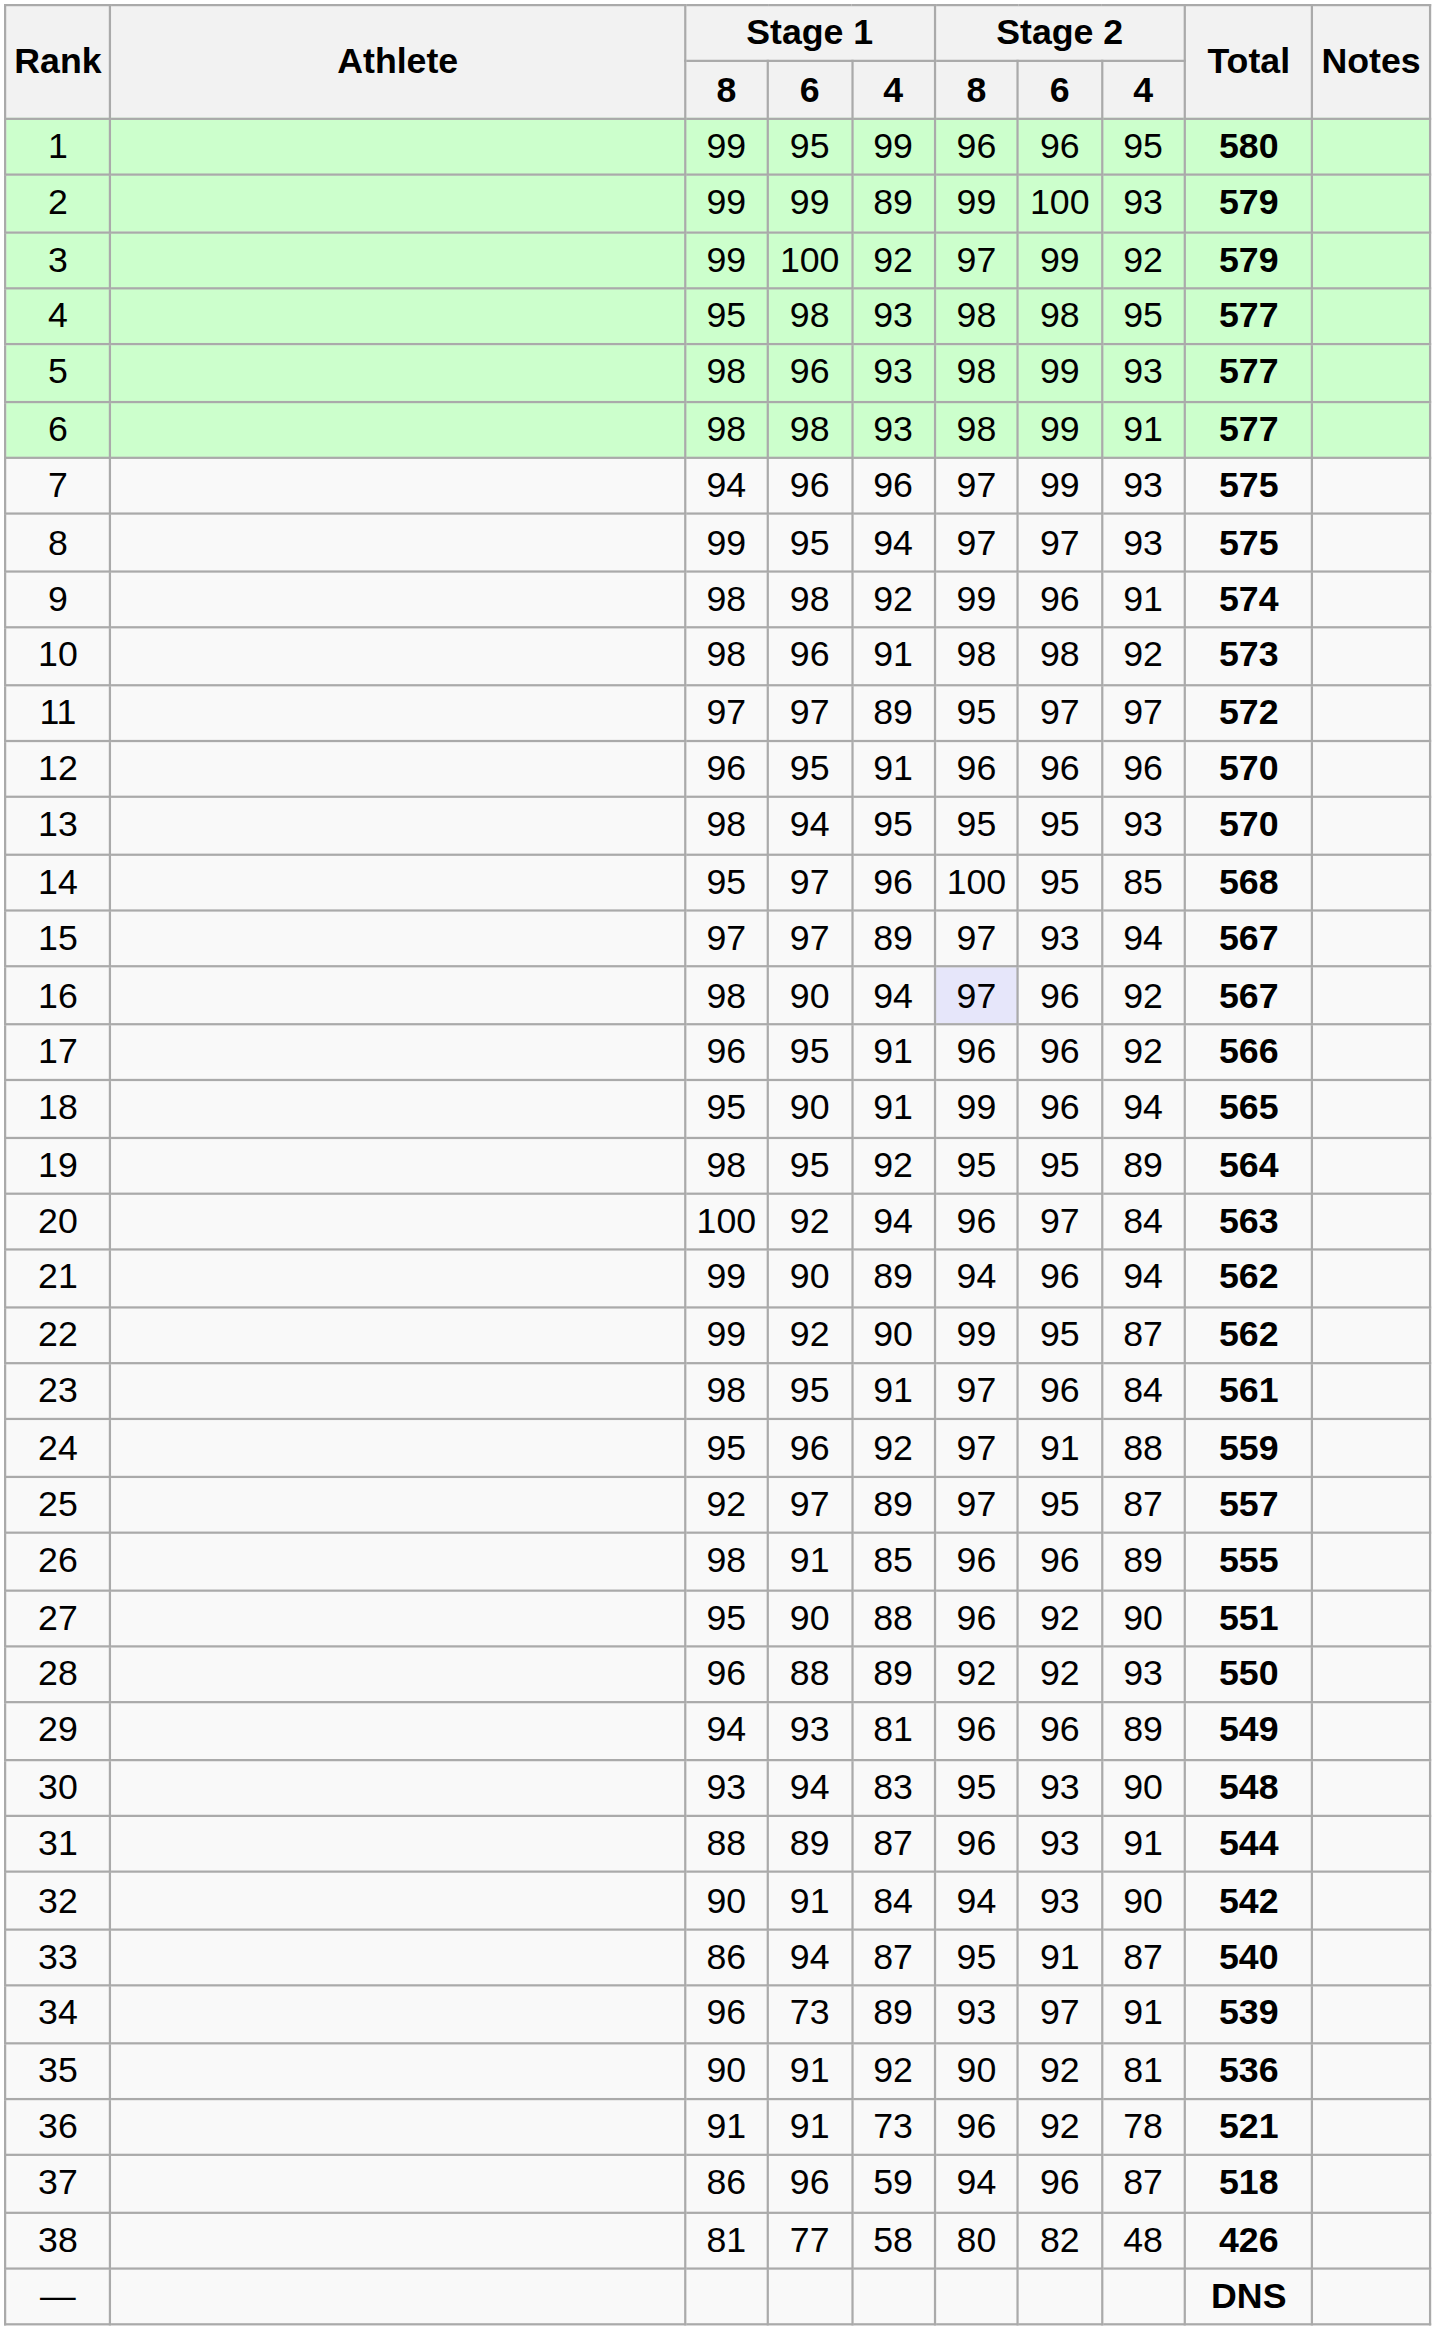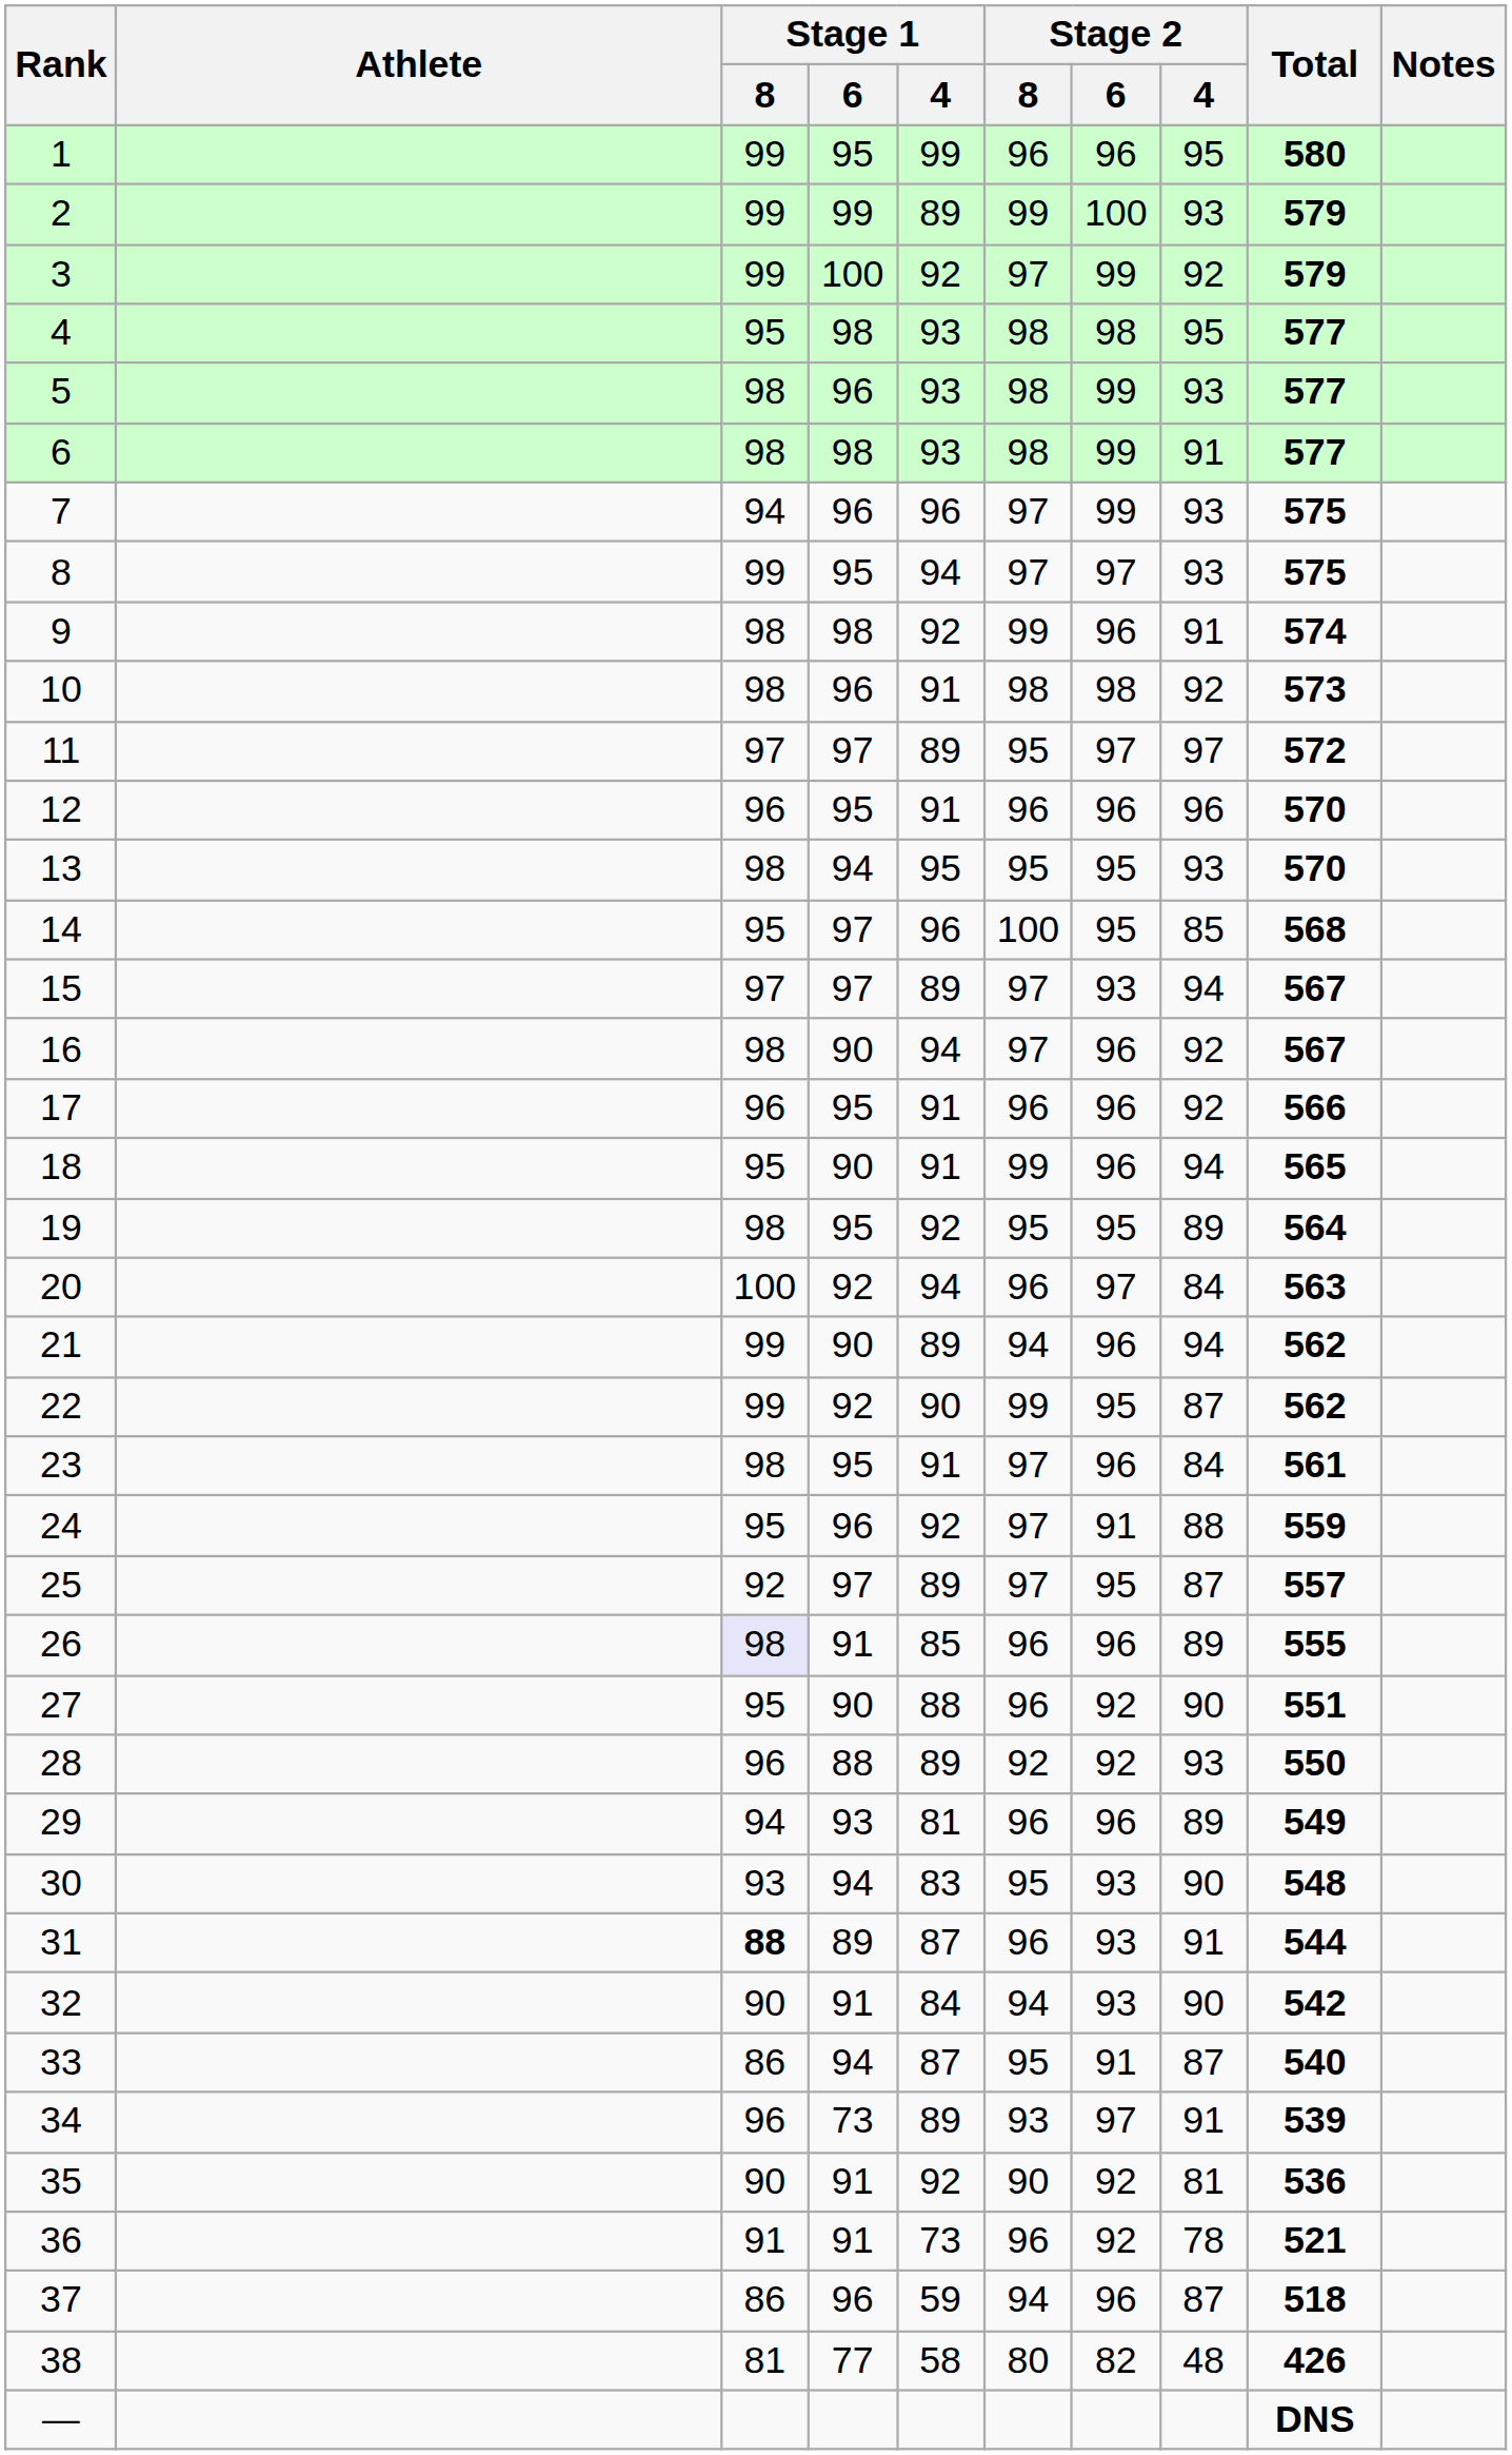 <table class="wikitable" style="text-align:center">
 <tr>
 <th rowspan=2 width=40>Rank</th>
 <th rowspan=2 width=250>Athlete</th>
 <th colspan=3>Stage 1</th>
 <th colspan=3>Stage 2</th>
 <th rowspan=2 width=50>Total</th>
 <th rowspan=2 width=45>Notes</th>
 </tr>
 <tr>
 <th width=30>8</th>
 <th width=30>6</th>
 <th width=30>4</th>
 <th width=30>8</th>
 <th width=30>6</th>
 <th width=30>4</th>
 </tr>
 <tr bgcolor=ccffcc>
 <td>1</td>
 <td align=left></td>
 <td>99</td>
 <td>95</td>
 <td>99</td>
 <td>96</td>
 <td>96</td>
 <td>95</td>
 <td><strong>580</strong></td>
 <td></td>
 </tr>
 <tr bgcolor=ccffcc>
 <td>2</td>
 <td align=left></td>
 <td>99</td>
 <td>99</td>
 <td>89</td>
 <td>99</td>
 <td>100</td>
 <td>93</td>
 <td><strong>579</strong></td>
 <td></td>
 </tr>
 <tr bgcolor=ccffcc>
 <td>3</td>
 <td align=left></td>
 <td>99</td>
 <td>100</td>
 <td>92</td>
 <td>97</td>
 <td>99</td>
 <td>92</td>
 <td><strong>579</strong></td>
 <td></td>
 </tr>
 <tr bgcolor=ccffcc>
 <td>4</td>
 <td align=left></td>
 <td>95</td>
 <td>98</td>
 <td>93</td>
 <td>98</td>
 <td>98</td>
 <td>95</td>
 <td><strong>577</strong></td>
 <td></td>
 </tr>
 <tr bgcolor=ccffcc>
 <td>5</td>
 <td align=left></td>
 <td>98</td>
 <td>96</td>
 <td>93</td>
 <td>98</td>
 <td>99</td>
 <td>93</td>
 <td><strong>577</strong></td>
 <td></td>
 </tr>
 <tr bgcolor=ccffcc>
 <td>6</td>
 <td align=left></td>
 <td>98</td>
 <td>98</td>
 <td>93</td>
 <td>98</td>
 <td>99</td>
 <td>91</td>
 <td><strong>577</strong></td>
 <td></td>
 </tr>
 <tr>
 <td>7</td>
 <td align=left></td>
 <td>94</td>
 <td>96</td>
 <td>96</td>
 <td>97</td>
 <td>99</td>
 <td>93</td>
 <td><strong>575</strong></td>
 <td></td>
 </tr>
 <tr>
 <td>8</td>
 <td align=left></td>
 <td>99</td>
 <td>95</td>
 <td>94</td>
 <td>97</td>
 <td>97</td>
 <td>93</td>
 <td><strong>575</strong></td>
 <td></td>
 </tr>
 <tr>
 <td>9</td>
 <td align=left></td>
 <td>98</td>
 <td>98</td>
 <td>92</td>
 <td>99</td>
 <td>96</td>
 <td>91</td>
 <td><strong>574</strong></td>
 <td></td>
 </tr>
 <tr>
 <td>10</td>
 <td align=left></td>
 <td>98</td>
 <td>96</td>
 <td>91</td>
 <td>98</td>
 <td>98</td>
 <td>92</td>
 <td><strong>573</strong></td>
 <td></td>
 </tr>
 <tr>
 <td>11</td>
 <td align=left></td>
 <td>97</td>
 <td>97</td>
 <td>89</td>
 <td>95</td>
 <td>97</td>
 <td>97</td>
 <td><strong>572</strong></td>
 <td></td>
 </tr>
 <tr>
 <td>12</td>
 <td align=left></td>
 <td>96</td>
 <td>95</td>
 <td>91</td>
 <td>96</td>
 <td>96</td>
 <td>96</td>
 <td><strong>570</strong></td>
 <td></td>
 </tr>
 <tr>
 <td>13</td>
 <td align=left></td>
 <td>98</td>
 <td>94</td>
 <td>95</td>
 <td>95</td>
 <td>95</td>
 <td>93</td>
 <td><strong>570</strong></td>
 <td></td>
 </tr>
 <tr>
 <td>14</td>
 <td align=left></td>
 <td>95</td>
 <td>97</td>
 <td>96</td>
 <td>100</td>
 <td>95</td>
 <td>85</td>
 <td><strong>568</strong></td>
 <td></td>
 </tr>
 <tr>
 <td>15</td>
 <td align=left></td>
 <td>97</td>
 <td>97</td>
 <td>89</td>
 <td>97</td>
 <td>93</td>
 <td>94</td>
 <td><strong>567</strong></td>
 <td></td>
 </tr>
 <tr>
 <td>16</td>
 <td align=left></td>
 <td>98</td>
 <td>90</td>
 <td>94</td>
-<td style="background: lavender;">97</td>
+<td>97</td>
 <td>96</td>
 <td>92</td>
 <td><strong>567</strong></td>
 <td></td>
 </tr>
 <tr>
 <td>17</td>
 <td align=left></td>
 <td>96</td>
 <td>95</td>
 <td>91</td>
 <td>96</td>
 <td>96</td>
 <td>92</td>
 <td><strong>566</strong></td>
 <td></td>
 </tr>
 <tr>
 <td>18</td>
 <td align=left></td>
 <td>95</td>
 <td>90</td>
 <td>91</td>
 <td>99</td>
 <td>96</td>
 <td>94</td>
 <td><strong>565</strong></td>
 <td></td>
 </tr>
 <tr>
 <td>19</td>
 <td align=left></td>
 <td>98</td>
 <td>95</td>
 <td>92</td>
 <td>95</td>
 <td>95</td>
 <td>89</td>
 <td><strong>564</strong></td>
 <td></td>
 </tr>
 <tr>
 <td>20</td>
 <td align=left></td>
 <td>100</td>
 <td>92</td>
 <td>94</td>
 <td>96</td>
 <td>97</td>
 <td>84</td>
 <td><strong>563</strong></td>
 <td></td>
 </tr>
 <tr>
 <td>21</td>
 <td align=left></td>
 <td>99</td>
 <td>90</td>
 <td>89</td>
 <td>94</td>
 <td>96</td>
 <td>94</td>
 <td><strong>562</strong></td>
 <td></td>
 </tr>
 <tr>
 <td>22</td>
 <td align=left></td>
 <td>99</td>
 <td>92</td>
 <td>90</td>
 <td>99</td>
 <td>95</td>
 <td>87</td>
 <td><strong>562</strong></td>
 <td></td>
 </tr>
 <tr>
 <td>23</td>
 <td align=left></td>
 <td>98</td>
 <td>95</td>
 <td>91</td>
 <td>97</td>
 <td>96</td>
 <td>84</td>
 <td><strong>561</strong></td>
 <td></td>
 </tr>
 <tr>
 <td>24</td>
 <td align=left></td>
 <td>95</td>
 <td>96</td>
 <td>92</td>
 <td>97</td>
 <td>91</td>
 <td>88</td>
 <td><strong>559</strong></td>
 <td></td>
 </tr>
 <tr>
 <td>25</td>
 <td align=left></td>
 <td>92</td>
 <td>97</td>
 <td>89</td>
 <td>97</td>
 <td>95</td>
 <td>87</td>
 <td><strong>557</strong></td>
 <td></td>
 </tr>
 <tr>
 <td>26</td>
 <td align=left></td>
-<td>98</td>
+<td style="background: lavender;">98</td>
 <td>91</td>
 <td>85</td>
 <td>96</td>
 <td>96</td>
 <td>89</td>
 <td><strong>555</strong></td>
 <td></td>
 </tr>
 <tr>
 <td>27</td>
 <td align=left></td>
 <td>95</td>
 <td>90</td>
 <td>88</td>
 <td>96</td>
 <td>92</td>
 <td>90</td>
 <td><strong>551</strong></td>
 <td></td>
 </tr>
 <tr>
 <td>28</td>
 <td align=left></td>
 <td>96</td>
 <td>88</td>
 <td>89</td>
 <td>92</td>
 <td>92</td>
 <td>93</td>
 <td><strong>550</strong></td>
 <td></td>
 </tr>
 <tr>
 <td>29</td>
 <td align=left></td>
 <td>94</td>
 <td>93</td>
 <td>81</td>
 <td>96</td>
 <td>96</td>
 <td>89</td>
 <td><strong>549</strong></td>
 <td></td>
 </tr>
 <tr>
 <td>30</td>
 <td align=left></td>
 <td>93</td>
 <td>94</td>
 <td>83</td>
 <td>95</td>
 <td>93</td>
 <td>90</td>
 <td><strong>548</strong></td>
 <td></td>
 </tr>
 <tr>
 <td>31</td>
 <td align=left></td>
-<td>88</td>
+<td><strong>88</strong></td>
 <td>89</td>
 <td>87</td>
 <td>96</td>
 <td>93</td>
 <td>91</td>
 <td><strong>544</strong></td>
 <td></td>
 </tr>
 <tr>
 <td>32</td>
 <td align=left></td>
 <td>90</td>
 <td>91</td>
 <td>84</td>
 <td>94</td>
 <td>93</td>
 <td>90</td>
 <td><strong>542</strong></td>
 <td></td>
 </tr>
 <tr>
 <td>33</td>
 <td align=left></td>
 <td>86</td>
 <td>94</td>
 <td>87</td>
 <td>95</td>
 <td>91</td>
 <td>87</td>
 <td><strong>540</strong></td>
 <td></td>
 </tr>
 <tr>
 <td>34</td>
 <td align=left></td>
 <td>96</td>
 <td>73</td>
 <td>89</td>
 <td>93</td>
 <td>97</td>
 <td>91</td>
 <td><strong>539</strong></td>
 <td></td>
 </tr>
 <tr>
 <td>35</td>
 <td align=left></td>
 <td>90</td>
 <td>91</td>
 <td>92</td>
 <td>90</td>
 <td>92</td>
 <td>81</td>
 <td><strong>536</strong></td>
 <td></td>
 </tr>
 <tr>
 <td>36</td>
 <td align=left></td>
 <td>91</td>
 <td>91</td>
 <td>73</td>
 <td>96</td>
 <td>92</td>
 <td>78</td>
 <td><strong>521</strong></td>
 <td></td>
 </tr>
 <tr>
 <td>37</td>
 <td align=left></td>
 <td>86</td>
 <td>96</td>
 <td>59</td>
 <td>94</td>
 <td>96</td>
 <td>87</td>
 <td><strong>518</strong></td>
 <td></td>
 </tr>
 <tr>
 <td>38</td>
 <td align=left></td>
 <td>81</td>
 <td>77</td>
 <td>58</td>
 <td>80</td>
 <td>82</td>
 <td>48</td>
 <td><strong>426</strong></td>
 <td></td>
 </tr>
 <tr>
 <td>—</td>
 <td align=left></td>
 <td></td>
 <td></td>
 <td></td>
 <td></td>
 <td></td>
 <td></td>
 <td><strong>DNS</strong></td>
 <td></td>
 </tr>
 </table>
